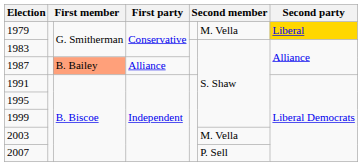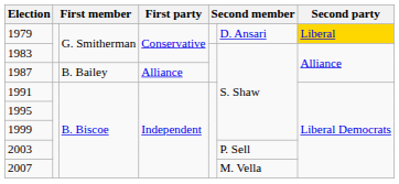 <table class="wikitable">
 <tr>
 <th>Election</th>
 <th colspan="2">First member</th>
 <th>First party</th>
 <th colspan="2">Second member</th>
 <th>Second party</th>
 </tr>
 <tr>
 <td>1979</td>
 <td rowspan="2" style="background-color: "></td>
 <td rowspan="2">G. Smitherman</td>
 <td rowspan="2"><a href='#'>Conservative</a></td>
 <td rowspan="1" style="background-color: "></td>
-<td rowspan="1">M. Vella</td>
+<td rowspan="1"><a href='#'>D. Ansari</a></td>
 <td rowspan="1" style="background: gold;"><a href='#'>Liberal</a></td>
 </tr>
 <tr>
 <td>1983</td>
 <td rowspan="2" style="background-color: "></td>
 <td rowspan="5">S. Shaw</td>
 <td rowspan="2"><a href='#'>Alliance</a></td>
 </tr>
 <tr>
 <td>1987</td>
 <td rowspan="1" style="background-color: "></td>
-<td rowspan="1" style="background: lightsalmon;">B. Bailey</td>
+<td rowspan="1">B. Bailey</td>
 <td rowspan="1"><a href='#'>Alliance</a></td>
 </tr>
 <tr>
 <td>1991</td>
 <td rowspan="5" style="background-color: "></td>
 <td rowspan="5"><a href='#'>B. Biscoe</a></td>
 <td rowspan="5"><a href='#'>Independent</a></td>
 <td rowspan="5" style="background-color: "></td>
 <td rowspan="5"><a href='#'>Liberal Democrats</a></td>
 </tr>
 <tr>
 <td>1995</td>
 </tr>
 <tr>
 <td>1999</td>
 </tr>
 <tr>
 <td>2003</td>
-<td rowspan="1">M. Vella</td>
+<td rowspan="1">P. Sell</td>
 </tr>
 <tr>
 <td>2007</td>
-<td rowspan="1">P. Sell</td>
+<td rowspan="1">M. Vella</td>
 </tr>
 </table>
